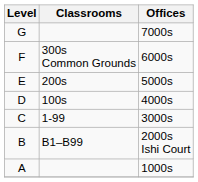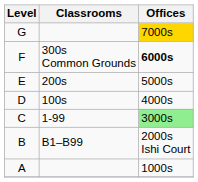 <table class="wikitable" align="right">
 <tr>
 <th>Level</th>
 <th>Classrooms</th>
 <th>Offices</th>
 </tr>
 <tr>
 <td align="center">G</td>
 <td> </td>
-<td>7000s</td>
+<td style="background: gold;">7000s</td>
 </tr>
 <tr>
 <td align="center">F</td>
 <td>300s<br>Common Grounds</td>
-<td>6000s</td>
+<td><strong>6000s</strong></td>
 </tr>
 <tr>
 <td align="center">E</td>
 <td>200s</td>
 <td>5000s</td>
 </tr>
 <tr>
 <td align="center">D</td>
 <td>100s</td>
 <td>4000s</td>
 </tr>
 <tr>
 <td align="center">C</td>
 <td>1-99</td>
-<td>3000s</td>
+<td style="background: lightgreen;">3000s</td>
 </tr>
 <tr>
 <td align="center">B</td>
 <td>B1–B99</td>
 <td>2000s<br>Ishi Court</td>
 </tr>
 <tr>
 <td align="center">A</td>
 <td> </td>
 <td>1000s</td>
 </tr>
 <tr>
 </tr>
 </table>
